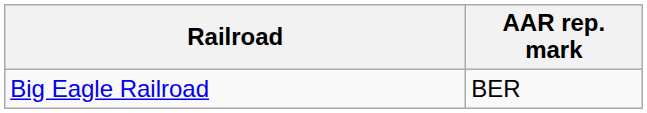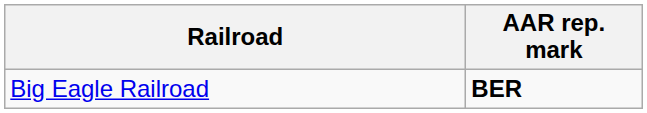 <table class="wikitable" border="1">
 <tr>
 <th width="300px">Railroad</th>
 <th width="110px">AAR rep. mark</th>
 </tr>
 <tr>
 <td width="300px"><a href='#'>Big Eagle Railroad</a></td>
-<td width="110px">BER</td>
+<td width="110px"><strong>BER</strong></td>
 </tr>
 </table>
